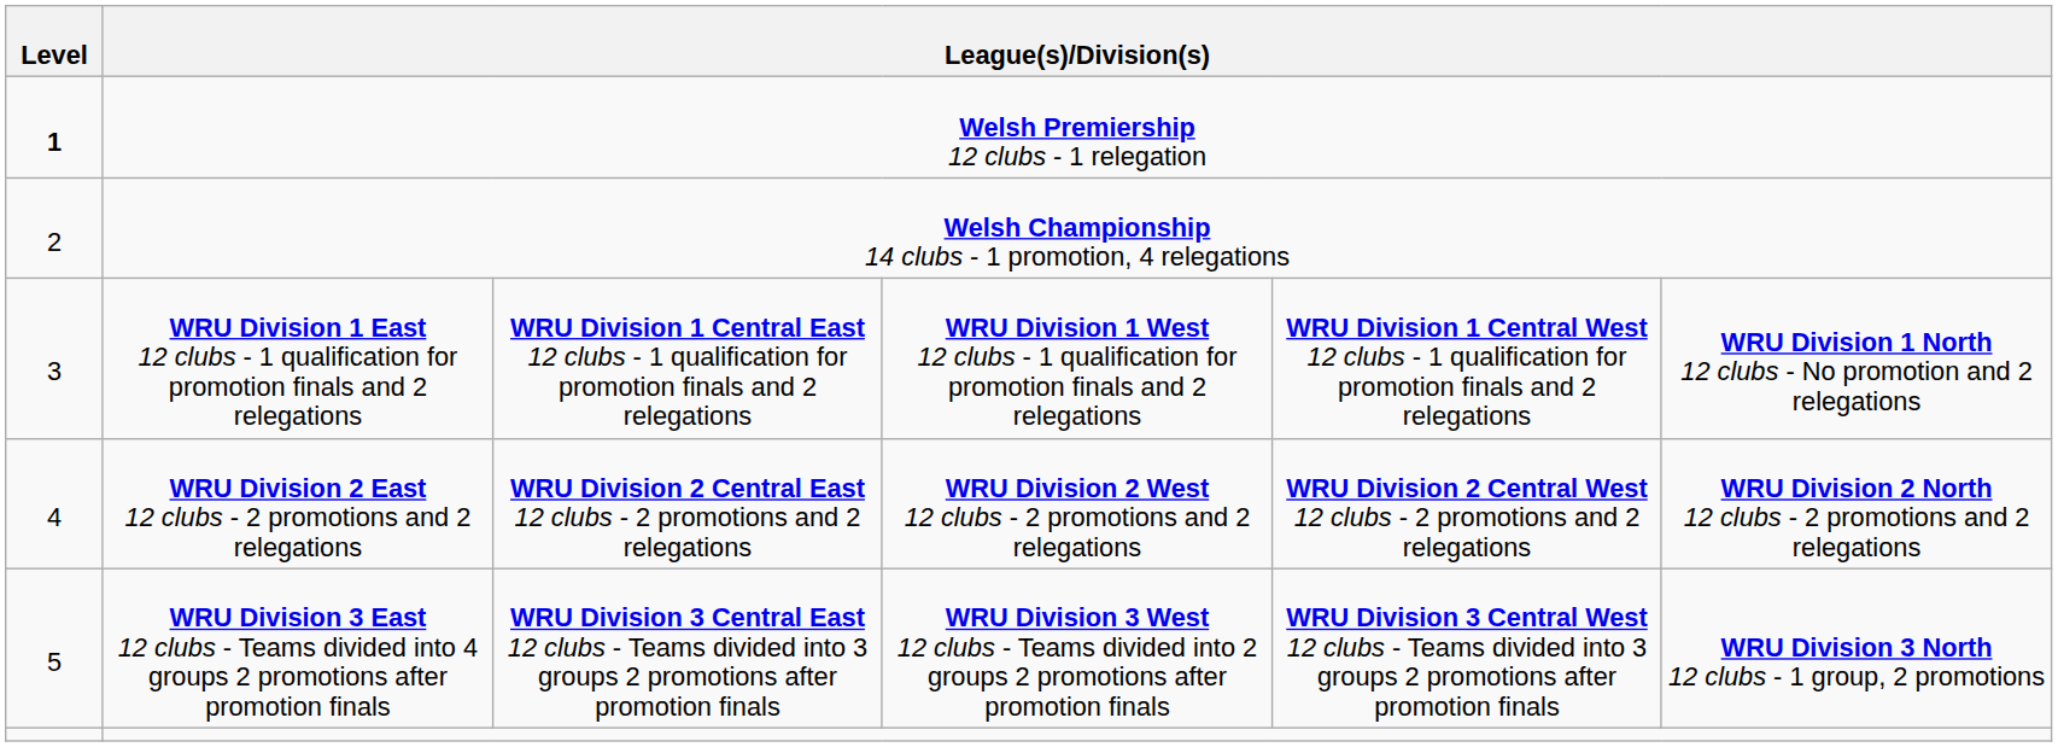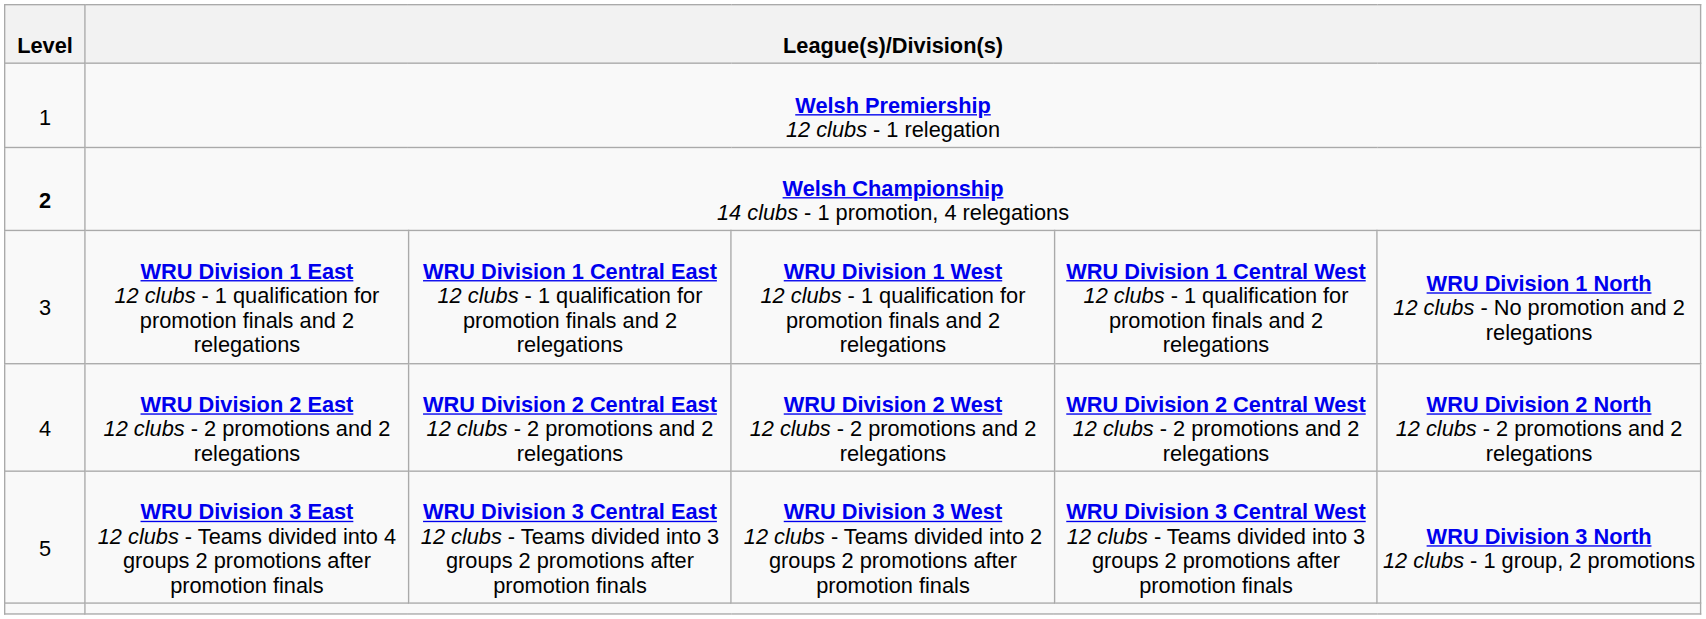 <table class="wikitable" style="text-align: center;">
 <tr>
 <th colspan="1" width="4%"><br>Level</th>
 <th colspan="9" width="96%"><br>League(s)/Division(s)</th>
 </tr>
 <tr>
-<td colspan="1" width="4%"><strong><br>1</strong></td>
+<td colspan="1" width="4%"><br>1</td>
 <td colspan="9" width="96%"><br><strong><a href='#'>Welsh Premiership</a></strong><br> <em>12 clubs</em> - 1 relegation</td>
 </tr>
 <tr>
-<td colspan="1" width="4%"><br>2</td>
+<td colspan="1" width="4%"><strong><br>2</strong></td>
 <td colspan="9" width="96%"><br><strong><a href='#'>Welsh Championship</a></strong><br> <em>14 clubs</em> - 1 promotion, 4 relegations</td>
 </tr>
 <tr>
 <td colspan="1" width="4%"><br>3</td>
 <td colspan="1" width="16%"><br><strong><a href='#'>WRU Division 1 East</a></strong><br> <em>12 clubs</em> - 1 qualification for promotion finals and 2 relegations</td>
 <td colspan="1" width="16%"><br><strong><a href='#'>WRU Division 1 Central East</a></strong><br> <em>12 clubs</em> - 1 qualification for promotion finals and 2 relegations</td>
 <td colspan="1" width="16%"><br><strong><a href='#'>WRU Division 1 West</a></strong><br> <em>12 clubs</em> - 1 qualification for promotion finals and 2 relegations</td>
 <td colspan="1" width="16%"><br><strong><a href='#'>WRU Division 1 Central West</a></strong><br> <em>12 clubs</em> - 1 qualification for promotion finals and 2 relegations</td>
 <td colspan="1" width="16%"><br><strong><a href='#'>WRU Division 1 North</a></strong><br> <em>12 clubs</em> - No promotion and 2 relegations</td>
 </tr>
 <tr>
 <td colspan="1" width="4%"><br>4</td>
 <td colspan="1" width="16%"><br><strong><a href='#'>WRU Division 2 East</a></strong><br> <em>12 clubs</em> - 2 promotions and 2 relegations</td>
 <td colspan="1" width="16%"><br><strong><a href='#'>WRU Division 2 Central East</a></strong><br> <em>12 clubs</em> - 2 promotions and 2 relegations</td>
 <td colspan="1" width="16%"><br><strong><a href='#'>WRU Division 2 West</a></strong><br> <em>12 clubs</em> - 2 promotions and 2 relegations</td>
 <td colspan="1" width="16%"><br><strong><a href='#'>WRU Division 2 Central West</a></strong><br> <em>12 clubs</em> - 2 promotions and 2 relegations</td>
 <td colspan="1" width="16%"><br><strong><a href='#'>WRU Division 2 North</a></strong><br> <em>12 clubs</em> - 2 promotions and 2 relegations</td>
 </tr>
 <tr>
 <td colspan="1" width="4%"><br>5</td>
 <td colspan="1" width="16%"><br><strong><a href='#'>WRU Division 3 East</a></strong><br> <em>12 clubs</em> - Teams divided into 4 groups 2 promotions after promotion finals</td>
 <td colspan="1" width="16%"><br><strong><a href='#'>WRU Division 3 Central East</a></strong><br> <em>12 clubs</em> - Teams divided into 3 groups 2 promotions after promotion finals</td>
 <td colspan="1" width="16%"><br><strong><a href='#'>WRU Division 3 West</a></strong><br> <em>12 clubs</em> - Teams divided into 2 groups 2 promotions after promotion finals</td>
 <td colspan="1" width="16%"><br><strong><a href='#'>WRU Division 3 Central West</a></strong><br> <em>12 clubs</em> - Teams divided into 3 groups 2 promotions after promotion finals</td>
 <td colspan="1" width="16%"><br><strong><a href='#'>WRU Division 3 North</a></strong><br> <em>12 clubs</em> - 1 group, 2 promotions</td>
 </tr>
 <tr>
 <td colspan="1" width="4%"></td>
 </tr>
 </table>
